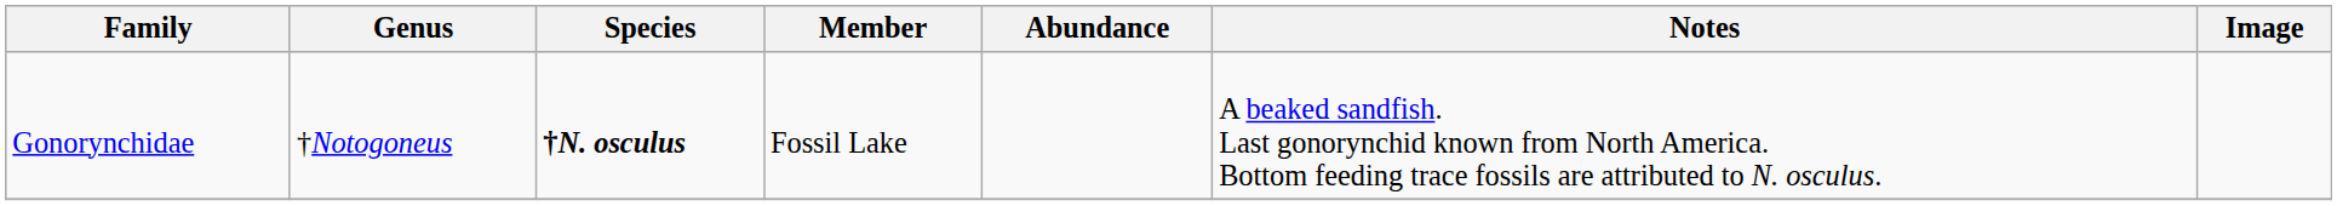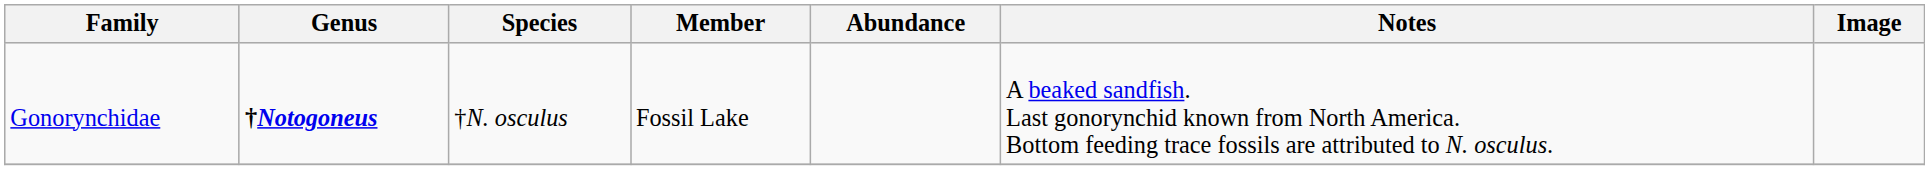 <table class="wikitable" style="margin:auto;width:100%;">
 <tr>
 <th>Family</th>
 <th>Genus</th>
 <th>Species</th>
 <th>Member</th>
 <th>Abundance</th>
 <th>Notes</th>
 <th>Image</th>
 </tr>
 <tr>
 <td><br><a href='#'>Gonorynchidae</a></td>
-<td><br>†<em><a href='#'>Notogoneus</a></em></td>
-<td><strong><br>†<em>N. osculus</em> </strong></td>
+<td><strong><br>†<em><a href='#'>Notogoneus</a></em></strong></td>
+<td><br>†<em>N. osculus</em> </td>
 <td><br>Fossil Lake</td>
 <td></td>
 <td><br>A <a href='#'>beaked sandfish</a>.<br>Last gonorynchid known from North America.<br> Bottom feeding trace fossils are attributed to <em>N. osculus</em>.</td>
 <td><br></td>
 </tr>
 <tr>
 </tr>
 </table>
